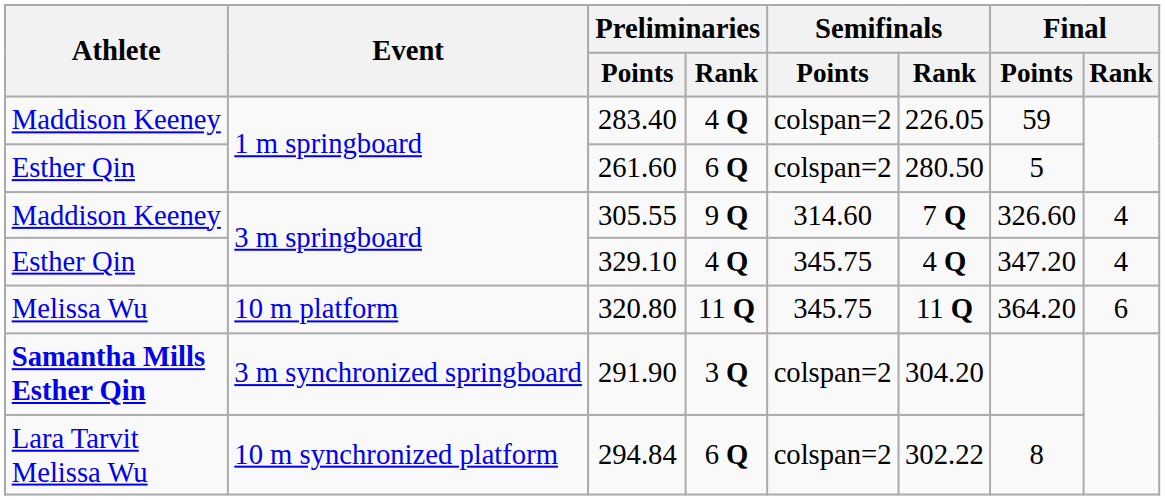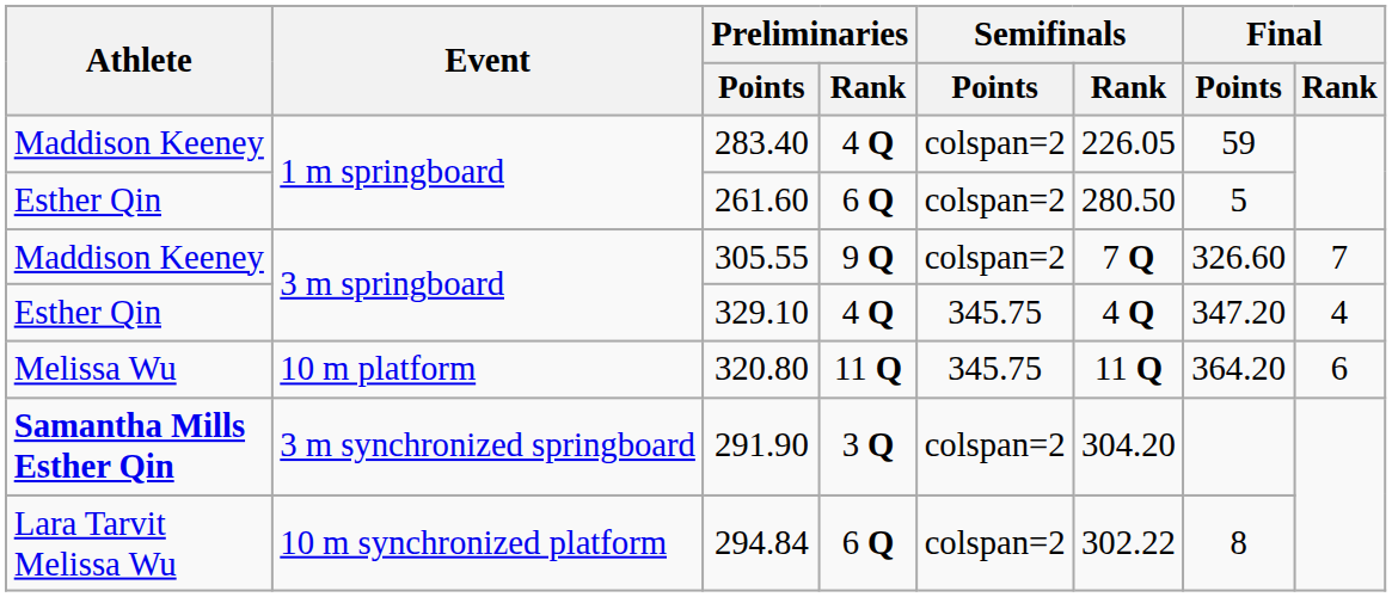 <table class=wikitable style="font-size:90%;">
 <tr>
 <th rowspan="2">Athlete</th>
 <th rowspan="2">Event</th>
 <th colspan="2">Preliminaries</th>
 <th colspan="2">Semifinals</th>
 <th colspan="2">Final</th>
 </tr>
 <tr style="font-size:95%">
 <th>Points</th>
 <th>Rank</th>
 <th>Points</th>
 <th>Rank</th>
 <th>Points</th>
 <th>Rank</th>
 </tr>
 <tr align=center>
 <td align=left><a href='#'>Maddison Keeney</a></td>
 <td align=left rowspan=2><a href='#'>1 m springboard</a></td>
 <td>283.40</td>
 <td>4 <strong>Q</strong></td>
 <td>colspan=2 </td>
 <td>226.05</td>
 <td>59</td>
 </tr>
 <tr align=center>
 <td align=left><a href='#'>Esther Qin</a></td>
 <td>261.60</td>
 <td>6 <strong>Q</strong></td>
 <td>colspan=2 </td>
 <td>280.50</td>
 <td>5</td>
 </tr>
 <tr align=center>
 <td align=left><a href='#'>Maddison Keeney</a></td>
 <td align=left rowspan=2><a href='#'>3 m springboard</a></td>
 <td>305.55</td>
 <td>9 <strong>Q</strong></td>
-<td>314.60</td>
+<td>colspan=2 </td>
 <td>7 <strong>Q</strong></td>
 <td>326.60</td>
-<td>4</td>
+<td>7</td>
 </tr>
 <tr align=center>
 <td align=left><a href='#'>Esther Qin</a></td>
 <td>329.10</td>
 <td>4 <strong>Q</strong></td>
 <td>345.75</td>
 <td>4 <strong>Q</strong></td>
 <td>347.20</td>
 <td>4</td>
 </tr>
 <tr align=center>
 <td align=left><a href='#'>Melissa Wu</a></td>
 <td align=left><a href='#'>10 m platform</a></td>
 <td>320.80</td>
 <td>11 <strong>Q</strong></td>
 <td>345.75</td>
 <td>11 <strong>Q</strong></td>
 <td>364.20</td>
 <td>6</td>
 </tr>
 <tr align=center>
 <td align=left><strong><a href='#'>Samantha Mills</a><br><a href='#'>Esther Qin</a></strong></td>
 <td align=left><a href='#'>3 m synchronized springboard</a></td>
 <td>291.90</td>
 <td>3 <strong>Q</strong></td>
 <td>colspan=2 </td>
 <td>304.20</td>
 <td></td>
 </tr>
 <tr align=center>
 <td align=left><a href='#'>Lara Tarvit</a><br><a href='#'>Melissa Wu</a></td>
 <td align=left><a href='#'>10 m synchronized platform</a></td>
 <td>294.84</td>
 <td>6 <strong>Q</strong></td>
 <td>colspan=2 </td>
 <td>302.22</td>
 <td>8</td>
 </tr>
 </table>
